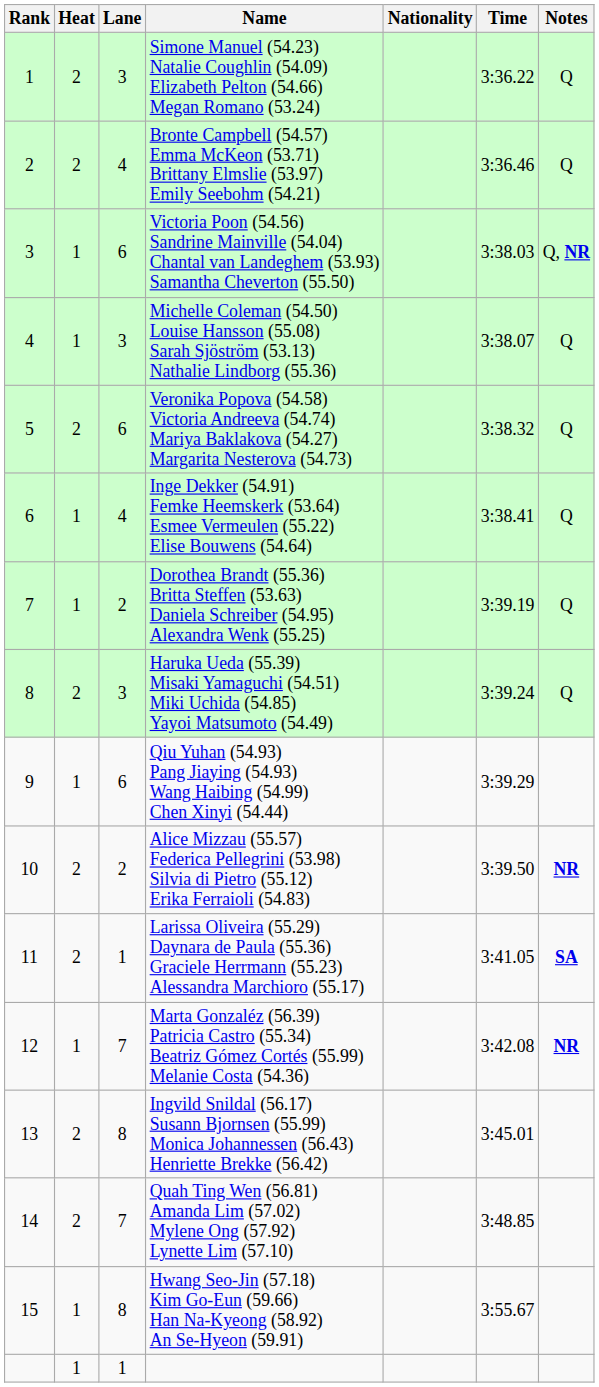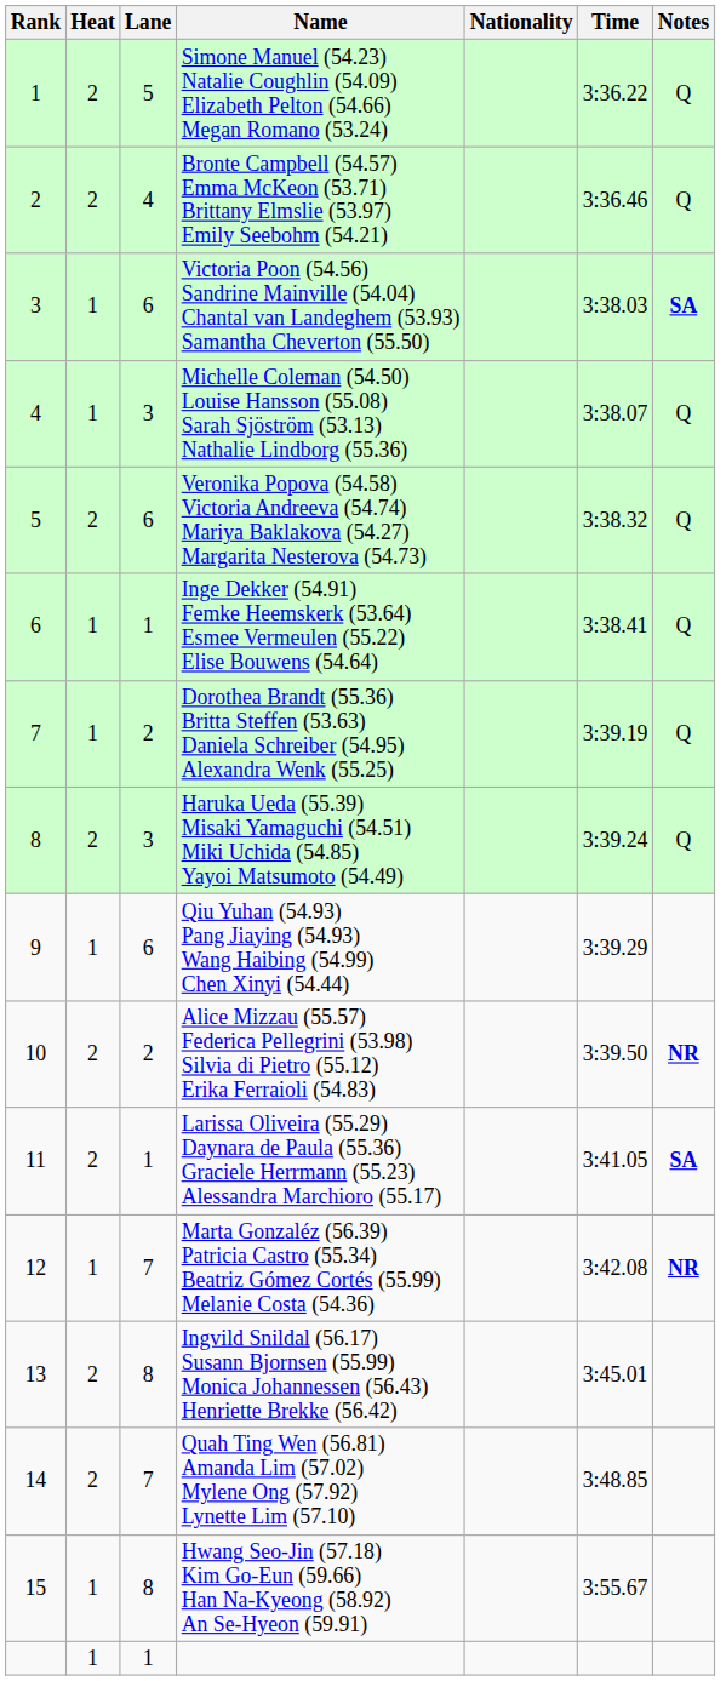 <table class="wikitable sortable" style="text-align:center">
 <tr>
 <th>Rank</th>
 <th>Heat</th>
 <th>Lane</th>
 <th>Name</th>
 <th>Nationality</th>
 <th>Time</th>
 <th>Notes</th>
 </tr>
 <tr bgcolor=ccffcc>
 <td>1</td>
 <td>2</td>
-<td>3</td>
+<td>5</td>
 <td align="left"><a href='#'>Simone Manuel</a> (54.23)<br><a href='#'>Natalie Coughlin</a> (54.09)<br><a href='#'>Elizabeth Pelton</a> (54.66)<br><a href='#'>Megan Romano</a> (53.24)</td>
 <td align=left></td>
 <td>3:36.22</td>
 <td>Q</td>
 </tr>
 <tr bgcolor=ccffcc>
 <td>2</td>
 <td>2</td>
 <td>4</td>
 <td align="left"><a href='#'>Bronte Campbell</a> (54.57)<br><a href='#'>Emma McKeon</a> (53.71)<br><a href='#'>Brittany Elmslie</a> (53.97)<br><a href='#'>Emily Seebohm</a> (54.21)</td>
 <td align=left></td>
 <td>3:36.46</td>
 <td>Q</td>
 </tr>
 <tr bgcolor=ccffcc>
 <td>3</td>
 <td>1</td>
 <td>6</td>
 <td align="left"><a href='#'>Victoria Poon</a> (54.56)<br><a href='#'>Sandrine Mainville</a> (54.04)<br><a href='#'>Chantal van Landeghem</a> (53.93)<br><a href='#'>Samantha Cheverton</a> (55.50)</td>
 <td align=left></td>
 <td>3:38.03</td>
-<td>Q, <strong><a href='#'>NR</a></strong></td>
+<td><strong><a href='#'>SA</a></strong></td>
 </tr>
 <tr bgcolor=ccffcc>
 <td>4</td>
 <td>1</td>
 <td>3</td>
 <td align="left"><a href='#'>Michelle Coleman</a> (54.50)<br><a href='#'>Louise Hansson</a> (55.08)<br><a href='#'>Sarah Sjöström</a> (53.13)<br><a href='#'>Nathalie Lindborg</a> (55.36)</td>
 <td align=left></td>
 <td>3:38.07</td>
 <td>Q</td>
 </tr>
 <tr bgcolor=ccffcc>
 <td>5</td>
 <td>2</td>
 <td>6</td>
 <td align="left"><a href='#'>Veronika Popova</a> (54.58)<br><a href='#'>Victoria Andreeva</a> (54.74)<br><a href='#'>Mariya Baklakova</a> (54.27)<br><a href='#'>Margarita Nesterova</a> (54.73)</td>
 <td align=left></td>
 <td>3:38.32</td>
 <td>Q</td>
 </tr>
 <tr bgcolor=ccffcc>
 <td>6</td>
 <td>1</td>
-<td>4</td>
+<td>1</td>
 <td align="left"><a href='#'>Inge Dekker</a> (54.91)<br><a href='#'>Femke Heemskerk</a> (53.64)<br><a href='#'>Esmee Vermeulen</a> (55.22)<br><a href='#'>Elise Bouwens</a> (54.64)</td>
 <td align=left></td>
 <td>3:38.41</td>
 <td>Q</td>
 </tr>
 <tr bgcolor=ccffcc>
 <td>7</td>
 <td>1</td>
 <td>2</td>
 <td align="left"><a href='#'>Dorothea Brandt</a> (55.36)<br><a href='#'>Britta Steffen</a> (53.63)<br><a href='#'>Daniela Schreiber</a> (54.95)<br><a href='#'>Alexandra Wenk</a> (55.25)</td>
 <td align=left></td>
 <td>3:39.19</td>
 <td>Q</td>
 </tr>
 <tr bgcolor=ccffcc>
 <td>8</td>
 <td>2</td>
 <td>3</td>
 <td align="left"><a href='#'>Haruka Ueda</a> (55.39)<br><a href='#'>Misaki Yamaguchi</a> (54.51)<br><a href='#'>Miki Uchida</a> (54.85)<br><a href='#'>Yayoi Matsumoto</a> (54.49)</td>
 <td align=left></td>
 <td>3:39.24</td>
 <td>Q</td>
 </tr>
 <tr>
 <td>9</td>
 <td>1</td>
 <td>6</td>
 <td align="left"><a href='#'>Qiu Yuhan</a> (54.93)<br><a href='#'>Pang Jiaying</a> (54.93)<br><a href='#'>Wang Haibing</a> (54.99)<br><a href='#'>Chen Xinyi</a> (54.44)</td>
 <td align=left></td>
 <td>3:39.29</td>
 <td></td>
 </tr>
 <tr>
 <td>10</td>
 <td>2</td>
 <td>2</td>
 <td align="left"><a href='#'>Alice Mizzau</a> (55.57)<br><a href='#'>Federica Pellegrini</a> (53.98)<br><a href='#'>Silvia di Pietro</a> (55.12)<br><a href='#'>Erika Ferraioli</a> (54.83)</td>
 <td align=left></td>
 <td>3:39.50</td>
 <td><strong><a href='#'>NR</a></strong></td>
 </tr>
 <tr>
 <td>11</td>
 <td>2</td>
 <td>1</td>
 <td align="left"><a href='#'>Larissa Oliveira</a> (55.29)<br><a href='#'>Daynara de Paula</a> (55.36)<br><a href='#'>Graciele Herrmann</a> (55.23)<br><a href='#'>Alessandra Marchioro</a> (55.17)</td>
 <td align=left></td>
 <td>3:41.05</td>
 <td><strong><a href='#'>SA</a></strong></td>
 </tr>
 <tr>
 <td>12</td>
 <td>1</td>
 <td>7</td>
 <td align="left"><a href='#'>Marta Gonzaléz</a> (56.39)<br><a href='#'>Patricia Castro</a> (55.34)<br><a href='#'>Beatriz Gómez Cortés</a> (55.99)<br><a href='#'>Melanie Costa</a> (54.36)</td>
 <td align=left></td>
 <td>3:42.08</td>
 <td><strong><a href='#'>NR</a></strong></td>
 </tr>
 <tr>
 <td>13</td>
 <td>2</td>
 <td>8</td>
 <td align="left"><a href='#'>Ingvild Snildal</a> (56.17)<br><a href='#'>Susann Bjornsen</a> (55.99)<br><a href='#'>Monica Johannessen</a> (56.43)<br><a href='#'>Henriette Brekke</a> (56.42)</td>
 <td align=left></td>
 <td>3:45.01</td>
 <td></td>
 </tr>
 <tr>
 <td>14</td>
 <td>2</td>
 <td>7</td>
 <td align="left"><a href='#'>Quah Ting Wen</a> (56.81)<br><a href='#'>Amanda Lim</a> (57.02)<br><a href='#'>Mylene Ong</a> (57.92)<br><a href='#'>Lynette Lim</a> (57.10)</td>
 <td align=left></td>
 <td>3:48.85</td>
 <td></td>
 </tr>
 <tr>
 <td>15</td>
 <td>1</td>
 <td>8</td>
 <td align="left"><a href='#'>Hwang Seo-Jin</a> (57.18)<br><a href='#'>Kim Go-Eun</a> (59.66)<br><a href='#'>Han Na-Kyeong</a> (58.92)<br><a href='#'>An Se-Hyeon</a> (59.91)</td>
 <td align=left></td>
 <td>3:55.67</td>
 <td></td>
 </tr>
 <tr>
 <td></td>
 <td>1</td>
 <td>1</td>
 <td align=left></td>
 <td align=left></td>
 <td></td>
 <td></td>
 </tr>
 </table>
